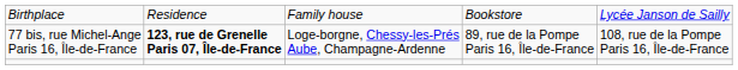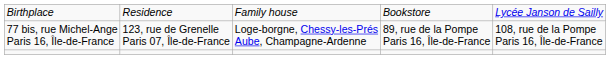 <table class="wikitable" border="1">
 <tr>
 <td><em>Birthplace</em></td>
 <td><em>Residence</em></td>
 <td><em>Family house</em></td>
 <td><em>Bookstore</em></td>
 <td><em><a href='#'>Lycée Janson de Sailly</a></em></td>
 </tr>
 <tr>
 <td>77 bis, rue Michel-Ange <br> Paris 16, Île-de-France</td>
-<td><strong>123, rue de Grenelle<br> Paris 07, Île-de-France</strong></td>
+<td>123, rue de Grenelle<br> Paris 07, Île-de-France</td>
 <td>Loge-borgne, <a href='#'>Chessy-les-Prés</a><br> <a href='#'>Aube</a>, Champagne-Ardenne</td>
 <td>89, rue de la Pompe<br> Paris 16, Île-de-France</td>
 <td>108, rue de la Pompe<br>Paris 16, Île-de-France</td>
 </tr>
 <tr>
 <td></td>
 <td></td>
 <td></td>
 <td></td>
 <td></td>
 </tr>
 </table>
